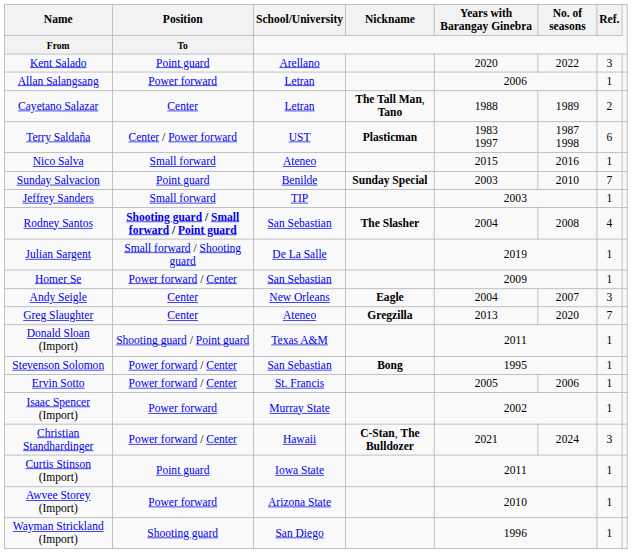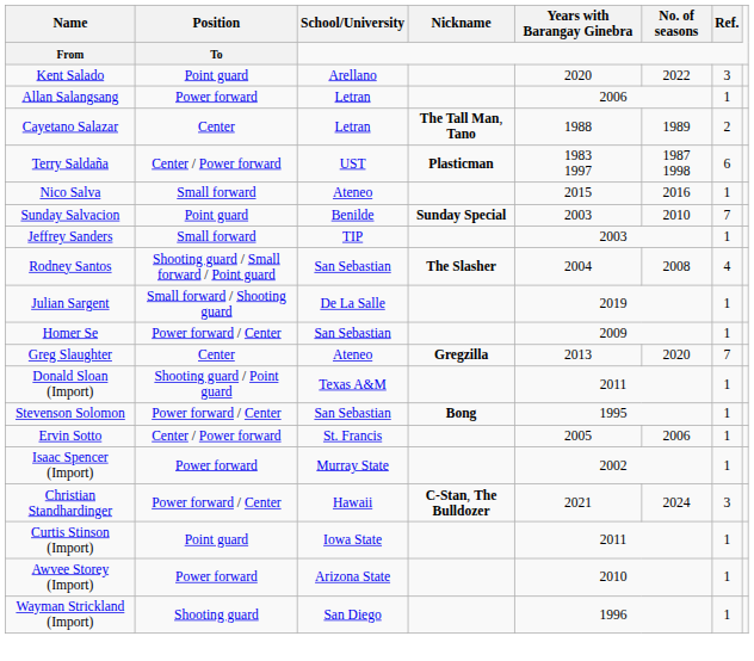 <table class="wikitable sortable" style="text-align:center" width="98%">
 <tr>
 <th>Name</th>
 <th>Position</th>
 <th>School/University</th>
 <th>Nickname</th>
 <th>Years with Barangay Ginebra</th>
 <th>No. of seasons</th>
 <th>Ref.</th>
 </tr>
 <tr>
 <th><small>From</small></th>
 <th><small>To</small></th>
 </tr>
 <tr>
 <td><a href='#'>Kent Salado</a></td>
 <td><a href='#'>Point guard</a></td>
 <td><a href='#'>Arellano</a></td>
 <td></td>
 <td>2020</td>
 <td>2022</td>
 <td>3</td>
 <td></td>
 </tr>
 <tr>
 <td><a href='#'>Allan Salangsang</a></td>
 <td><a href='#'>Power forward</a></td>
 <td><a href='#'>Letran</a></td>
 <td></td>
 <td colspan="2">2006</td>
 <td>1</td>
 <td></td>
 </tr>
 <tr>
 <td><a href='#'>Cayetano Salazar</a></td>
 <td><a href='#'>Center</a></td>
 <td><a href='#'>Letran</a></td>
 <td><strong>The Tall Man</strong>, <strong>Tano</strong></td>
 <td>1988</td>
 <td>1989</td>
 <td>2</td>
 <td></td>
 </tr>
 <tr>
 <td><a href='#'>Terry Saldaña</a></td>
 <td><a href='#'>Center</a> / <a href='#'>Power forward</a></td>
 <td><a href='#'>UST</a></td>
 <td><strong>Plasticman</strong></td>
 <td>1983<br>1997</td>
 <td>1987<br>1998</td>
 <td>6</td>
 <td></td>
 </tr>
 <tr>
 <td><a href='#'>Nico Salva</a></td>
 <td><a href='#'>Small forward</a></td>
 <td><a href='#'>Ateneo</a></td>
 <td></td>
 <td>2015</td>
 <td>2016</td>
 <td>1</td>
 <td></td>
 </tr>
 <tr>
 <td><a href='#'>Sunday Salvacion</a></td>
 <td><a href='#'>Point guard</a></td>
 <td><a href='#'>Benilde</a></td>
 <td><strong>Sunday Special</strong></td>
 <td>2003</td>
 <td>2010</td>
 <td>7</td>
 <td></td>
 </tr>
 <tr>
 <td><a href='#'>Jeffrey Sanders</a></td>
 <td><a href='#'>Small forward</a></td>
 <td><a href='#'>TIP</a></td>
 <td></td>
 <td colspan="2">2003</td>
 <td>1</td>
 <td></td>
 </tr>
 <tr>
 <td><a href='#'>Rodney Santos</a></td>
-<td><strong><a href='#'>Shooting guard</a> / <a href='#'>Small forward</a> / <a href='#'>Point guard</a></strong></td>
+<td><a href='#'>Shooting guard</a> / <a href='#'>Small forward</a> / <a href='#'>Point guard</a></td>
 <td><a href='#'>San Sebastian</a></td>
 <td><strong>The Slasher</strong></td>
 <td>2004</td>
 <td>2008</td>
 <td>4</td>
 <td></td>
 </tr>
 <tr>
 <td><a href='#'>Julian Sargent</a></td>
 <td><a href='#'>Small forward</a> / <a href='#'>Shooting guard</a></td>
 <td><a href='#'>De La Salle</a></td>
 <td></td>
 <td colspan="2">2019</td>
 <td>1</td>
 <td></td>
 </tr>
 <tr>
 <td><a href='#'>Homer Se</a></td>
 <td><a href='#'>Power forward</a> / <a href='#'>Center</a></td>
 <td><a href='#'>San Sebastian</a></td>
 <td></td>
 <td colspan="2">2009</td>
 <td>1</td>
-<td></td>
-</tr>
-<tr>
-<td><a href='#'>Andy Seigle</a></td>
-<td><a href='#'>Center</a></td>
-<td><a href='#'>New Orleans</a></td>
-<td><strong>Eagle</strong></td>
-<td>2004</td>
-<td>2007</td>
-<td>3</td>
 <td></td>
 </tr>
 <tr>
 <td><a href='#'>Greg Slaughter</a></td>
 <td><a href='#'>Center</a></td>
 <td><a href='#'>Ateneo</a></td>
 <td><strong>Gregzilla</strong></td>
 <td>2013</td>
 <td>2020</td>
 <td>7</td>
 <td></td>
 </tr>
 <tr>
 <td><a href='#'>Donald Sloan</a> (Import)</td>
 <td><a href='#'>Shooting guard</a> / <a href='#'>Point guard</a></td>
 <td><a href='#'>Texas A&M</a></td>
 <td></td>
 <td colspan="2">2011</td>
 <td>1</td>
 <td></td>
 </tr>
 <tr>
 <td><a href='#'>Stevenson Solomon</a></td>
 <td><a href='#'>Power forward</a> / <a href='#'>Center</a></td>
 <td><a href='#'>San Sebastian</a></td>
 <td><strong>Bong</strong></td>
 <td colspan="2">1995</td>
 <td>1</td>
 <td></td>
 </tr>
 <tr>
 <td><a href='#'>Ervin Sotto</a></td>
-<td><a href='#'>Power forward</a> / <a href='#'>Center</a></td>
+<td><a href='#'>Center</a> / <a href='#'>Power forward</a></td>
 <td><a href='#'>St. Francis</a></td>
 <td></td>
 <td>2005</td>
 <td>2006</td>
 <td>1</td>
 <td></td>
 </tr>
 <tr>
 <td><a href='#'>Isaac Spencer</a> (Import)</td>
 <td><a href='#'>Power forward</a></td>
 <td><a href='#'>Murray State</a></td>
 <td></td>
 <td colspan="2">2002</td>
 <td>1</td>
 <td></td>
 </tr>
 <tr>
 <td><a href='#'>Christian Standhardinger</a></td>
 <td><a href='#'>Power forward</a> / <a href='#'>Center</a></td>
 <td><a href='#'>Hawaii</a></td>
 <td><strong>C-Stan</strong>, <strong>The Bulldozer</strong></td>
 <td>2021</td>
 <td>2024</td>
 <td>3</td>
 <td></td>
 </tr>
 <tr>
 <td><a href='#'>Curtis Stinson</a> (Import)</td>
 <td><a href='#'>Point guard</a></td>
 <td><a href='#'>Iowa State</a></td>
 <td></td>
 <td colspan="2">2011</td>
 <td>1</td>
 <td></td>
 </tr>
 <tr>
 <td><a href='#'>Awvee Storey</a> (Import)</td>
 <td><a href='#'>Power forward</a></td>
 <td><a href='#'>Arizona State</a></td>
 <td></td>
 <td colspan="2">2010</td>
 <td>1</td>
 <td></td>
 </tr>
 <tr>
 <td><a href='#'>Wayman Strickland</a> (Import)</td>
 <td><a href='#'>Shooting guard</a></td>
 <td><a href='#'>San Diego</a></td>
 <td></td>
 <td colspan="2">1996</td>
 <td>1</td>
 <td></td>
 </tr>
 </table>
